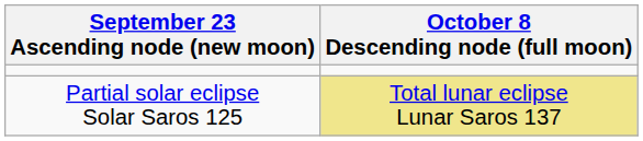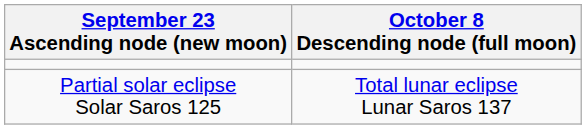 <table class="wikitable">
 <tr>
 <th><a href='#'>September 23</a><br>Ascending node (new moon)<br></th>
 <th><a href='#'>October 8</a><br>Descending node (full moon)<br></th>
 </tr>
 <tr>
 <td></td>
 <td></td>
 </tr>
 <tr align=center>
 <td><a href='#'>Partial solar eclipse</a><br>Solar Saros 125</td>
-<td style="background: khaki;"><a href='#'>Total lunar eclipse</a><br>Lunar Saros 137</td>
+<td><a href='#'>Total lunar eclipse</a><br>Lunar Saros 137</td>
 </tr>
 </table>
